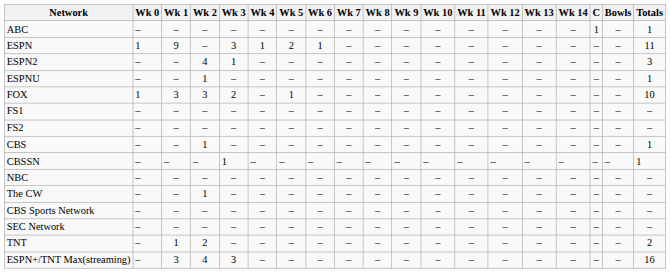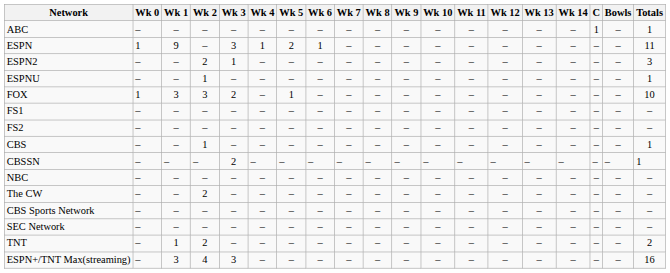 <table class="wikitable">
 <tr>
 <th>Network</th>
 <th>Wk 0</th>
 <th>Wk 1</th>
 <th>Wk 2</th>
 <th>Wk 3</th>
 <th>Wk 4</th>
 <th>Wk 5</th>
 <th>Wk 6</th>
 <th>Wk 7</th>
 <th>Wk 8</th>
 <th>Wk 9</th>
 <th>Wk 10</th>
 <th>Wk 11</th>
 <th>Wk 12</th>
 <th>Wk 13</th>
 <th>Wk 14</th>
 <th>C</th>
 <th>Bowls</th>
 <th>Totals</th>
 </tr>
 <tr>
 <td>ABC</td>
 <td>–</td>
 <td style="text-align:center">–</td>
 <td style="text-align:center">–</td>
 <td style="text-align:center">–</td>
 <td style="text-align:center">–</td>
 <td style="text-align:center">–</td>
 <td style="text-align:center">–</td>
 <td style="text-align:center">–</td>
 <td style="text-align:center">–</td>
 <td style="text-align:center">–</td>
 <td style="text-align:center">–</td>
 <td style="text-align:center">–</td>
 <td style="text-align:center">–</td>
 <td style="text-align:center">–</td>
 <td style="text-align:center">–</td>
 <td style="text-align:center">1</td>
 <td style="text-align:center">–</td>
 <td style="text-align:center">1</td>
 </tr>
 <tr>
 <td>ESPN</td>
 <td>1</td>
 <td style="text-align:center">9</td>
 <td style="text-align:center">–</td>
 <td style="text-align:center">3</td>
 <td style="text-align:center">1</td>
 <td style="text-align:center">2</td>
 <td style="text-align:center">1</td>
 <td style="text-align:center">–</td>
 <td style="text-align:center">–</td>
 <td style="text-align:center">–</td>
 <td style="text-align:center">–</td>
 <td style="text-align:center">–</td>
 <td style="text-align:center">–</td>
 <td style="text-align:center">–</td>
 <td style="text-align:center">–</td>
 <td style="text-align:center">–</td>
 <td style="text-align:center">–</td>
 <td style="text-align:center">11</td>
 </tr>
 <tr>
 <td>ESPN2</td>
 <td>–</td>
 <td style="text-align:center">–</td>
-<td style="text-align:center">4</td>
+<td style="text-align:center">2</td>
 <td style="text-align:center">1</td>
 <td style="text-align:center">–</td>
 <td style="text-align:center">–</td>
 <td style="text-align:center">–</td>
 <td style="text-align:center">–</td>
 <td style="text-align:center">–</td>
 <td style="text-align:center">–</td>
 <td style="text-align:center">–</td>
 <td style="text-align:center">–</td>
 <td style="text-align:center">–</td>
 <td style="text-align:center">–</td>
 <td style="text-align:center">–</td>
 <td style="text-align:center">–</td>
 <td style="text-align:center">–</td>
 <td style="text-align:center">3</td>
 </tr>
 <tr>
 <td>ESPNU</td>
 <td>–</td>
 <td style="text-align:center">–</td>
 <td style="text-align:center">1</td>
 <td style="text-align:center">–</td>
 <td style="text-align:center">–</td>
 <td style="text-align:center">–</td>
 <td style="text-align:center">–</td>
 <td style="text-align:center">–</td>
 <td style="text-align:center">–</td>
 <td style="text-align:center">–</td>
 <td style="text-align:center">–</td>
 <td style="text-align:center">–</td>
 <td style="text-align:center">–</td>
 <td style="text-align:center">–</td>
 <td style="text-align:center">–</td>
 <td style="text-align:center">–</td>
 <td style="text-align:center">–</td>
 <td style="text-align:center">1</td>
 </tr>
 <tr>
 <td>FOX</td>
 <td>1</td>
 <td style="text-align:center">3</td>
 <td style="text-align:center">3</td>
 <td style="text-align:center">2</td>
 <td style="text-align:center">–</td>
 <td style="text-align:center">1</td>
 <td style="text-align:center">–</td>
 <td style="text-align:center">–</td>
 <td style="text-align:center">–</td>
 <td style="text-align:center">–</td>
 <td style="text-align:center">–</td>
 <td style="text-align:center">–</td>
 <td style="text-align:center">–</td>
 <td style="text-align:center">–</td>
 <td style="text-align:center">–</td>
 <td style="text-align:center">–</td>
 <td style="text-align:center">–</td>
 <td style="text-align:center">10</td>
 </tr>
 <tr>
 <td>FS1</td>
 <td>–</td>
 <td style="text-align:center">–</td>
 <td style="text-align:center">–</td>
 <td style="text-align:center">–</td>
 <td style="text-align:center">–</td>
 <td style="text-align:center">–</td>
 <td style="text-align:center">–</td>
 <td style="text-align:center">–</td>
 <td style="text-align:center">–</td>
 <td style="text-align:center">–</td>
 <td style="text-align:center">–</td>
 <td style="text-align:center">–</td>
 <td style="text-align:center">–</td>
 <td style="text-align:center">–</td>
 <td style="text-align:center">–</td>
 <td style="text-align:center">–</td>
 <td style="text-align:center">–</td>
 <td style="text-align:center">–</td>
 </tr>
 <tr>
 <td>FS2</td>
 <td>–</td>
 <td style="text-align:center">–</td>
 <td style="text-align:center">–</td>
 <td style="text-align:center">–</td>
 <td style="text-align:center">–</td>
 <td style="text-align:center">–</td>
 <td style="text-align:center">–</td>
 <td style="text-align:center">–</td>
 <td style="text-align:center">–</td>
 <td style="text-align:center">–</td>
 <td style="text-align:center">–</td>
 <td style="text-align:center">–</td>
 <td style="text-align:center">–</td>
 <td style="text-align:center">–</td>
 <td style="text-align:center">–</td>
 <td style="text-align:center">–</td>
 <td style="text-align:center">–</td>
 <td style="text-align:center">–</td>
 </tr>
 <tr>
 <td>CBS</td>
 <td>–</td>
 <td style="text-align:center">–</td>
 <td style="text-align:center">1</td>
 <td style="text-align:center">–</td>
 <td style="text-align:center">–</td>
 <td style="text-align:center">–</td>
 <td style="text-align:center">–</td>
 <td style="text-align:center">–</td>
 <td style="text-align:center">–</td>
 <td style="text-align:center">–</td>
 <td style="text-align:center">–</td>
 <td style="text-align:center">–</td>
 <td style="text-align:center">–</td>
 <td style="text-align:center">–</td>
 <td style="text-align:center">–</td>
 <td style="text-align:center">–</td>
 <td style="text-align:center">–</td>
 <td style="text-align:center">1</td>
 </tr>
 <tr>
 <td>CBSSN</td>
 <td>–</td>
 <td>–</td>
 <td>–</td>
-<td>1</td>
+<td style="text-align:center">2</td>
 <td>–</td>
 <td>–</td>
 <td>–</td>
 <td>–</td>
 <td>–</td>
 <td>–</td>
 <td>–</td>
 <td>–</td>
 <td>–</td>
 <td>–</td>
 <td>–</td>
 <td>–</td>
 <td>–</td>
 <td>1</td>
 </tr>
 <tr>
 <td>NBC</td>
 <td>–</td>
 <td style="text-align:center">–</td>
 <td style="text-align:center">–</td>
 <td style="text-align:center">–</td>
 <td style="text-align:center">–</td>
 <td style="text-align:center">–</td>
 <td style="text-align:center">–</td>
 <td style="text-align:center">–</td>
 <td style="text-align:center">–</td>
 <td style="text-align:center">–</td>
 <td style="text-align:center">–</td>
 <td style="text-align:center">–</td>
 <td style="text-align:center">–</td>
 <td style="text-align:center">–</td>
 <td style="text-align:center">–</td>
 <td style="text-align:center">–</td>
 <td style="text-align:center">–</td>
 <td style="text-align:center">–</td>
 </tr>
 <tr>
 <td>The CW</td>
 <td>–</td>
 <td style="text-align:center">–</td>
-<td style="text-align:center">1</td>
+<td style="text-align:center">2</td>
 <td style="text-align:center">–</td>
 <td style="text-align:center">–</td>
 <td style="text-align:center">–</td>
 <td style="text-align:center">–</td>
 <td style="text-align:center">–</td>
 <td style="text-align:center">–</td>
 <td style="text-align:center">–</td>
 <td style="text-align:center">–</td>
 <td style="text-align:center">–</td>
 <td style="text-align:center">–</td>
 <td style="text-align:center">–</td>
 <td style="text-align:center">–</td>
 <td style="text-align:center">–</td>
 <td style="text-align:center">–</td>
 <td style="text-align:center">–</td>
 </tr>
 <tr>
 <td>CBS Sports Network</td>
 <td>–</td>
 <td style="text-align:center">–</td>
 <td style="text-align:center">–</td>
 <td style="text-align:center">–</td>
 <td style="text-align:center">–</td>
 <td style="text-align:center">–</td>
 <td style="text-align:center">–</td>
 <td style="text-align:center">–</td>
 <td style="text-align:center">–</td>
 <td style="text-align:center">–</td>
 <td style="text-align:center">–</td>
 <td style="text-align:center">–</td>
 <td style="text-align:center">–</td>
 <td style="text-align:center">–</td>
 <td style="text-align:center">–</td>
 <td style="text-align:center">–</td>
 <td style="text-align:center">–</td>
 <td style="text-align:center">–</td>
 </tr>
 <tr>
 <td>SEC Network</td>
 <td>–</td>
 <td style="text-align:center">–</td>
 <td style="text-align:center">–</td>
 <td style="text-align:center">–</td>
 <td style="text-align:center">–</td>
 <td style="text-align:center">–</td>
 <td style="text-align:center">–</td>
 <td style="text-align:center">–</td>
 <td style="text-align:center">–</td>
 <td style="text-align:center">–</td>
 <td style="text-align:center">–</td>
 <td style="text-align:center">–</td>
 <td style="text-align:center">–</td>
 <td style="text-align:center">–</td>
 <td style="text-align:center">–</td>
 <td style="text-align:center">–</td>
 <td style="text-align:center">–</td>
 <td style="text-align:center">–</td>
 </tr>
 <tr>
 <td>TNT</td>
 <td>–</td>
 <td style="text-align:center">1</td>
 <td style="text-align:center">2</td>
 <td style="text-align:center">–</td>
 <td style="text-align:center">–</td>
 <td style="text-align:center">–</td>
 <td style="text-align:center">–</td>
 <td style="text-align:center">–</td>
 <td style="text-align:center">–</td>
 <td style="text-align:center">–</td>
 <td style="text-align:center">–</td>
 <td style="text-align:center">–</td>
 <td style="text-align:center">–</td>
 <td style="text-align:center">–</td>
 <td style="text-align:center">–</td>
 <td style="text-align:center">–</td>
 <td style="text-align:center">–</td>
 <td style="text-align:center">2</td>
 </tr>
 <tr>
 <td>ESPN+/TNT Max(streaming)</td>
 <td>–</td>
 <td style="text-align:center">3</td>
 <td style="text-align:center">4</td>
 <td style="text-align:center">3</td>
 <td style="text-align:center">–</td>
 <td style="text-align:center">–</td>
 <td style="text-align:center">–</td>
 <td style="text-align:center">–</td>
 <td style="text-align:center">–</td>
 <td style="text-align:center">–</td>
 <td style="text-align:center">–</td>
 <td style="text-align:center">–</td>
 <td style="text-align:center">–</td>
 <td style="text-align:center">–</td>
 <td style="text-align:center">–</td>
 <td style="text-align:center">–</td>
 <td style="text-align:center">–</td>
 <td style="text-align:center">16</td>
 </tr>
 </table>
